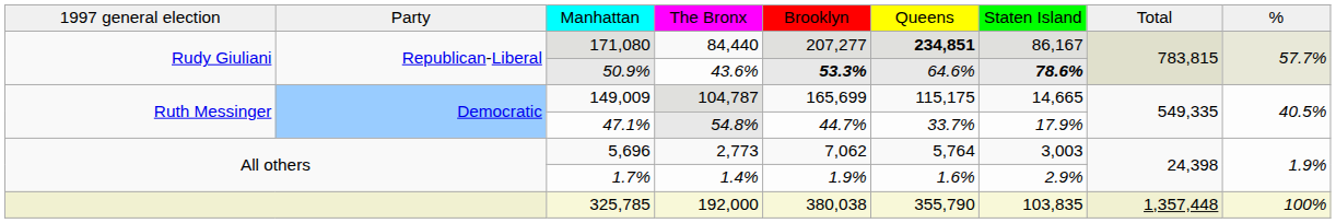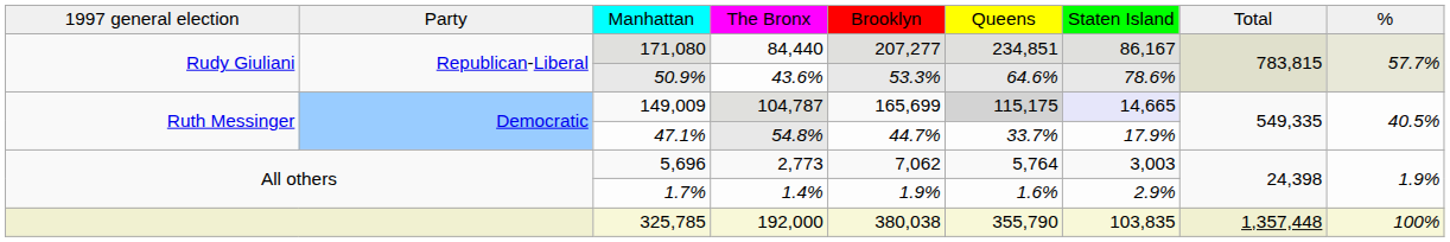 <table class="wikitable" style="width:100%; text-align:right;">
 <tr style="text-align:center;">
 <td style="width:20%; background:#f0f0f0;">1997 general election</td>
 <td style="width:20%; background:#f0f0f0;">Party</td>
 <td style="width:8%; background:aqua;">Manhattan</td>
 <td style="width:8%; background:magenta;">The Bronx</td>
 <td style="width:8%; background:red;">Brooklyn</td>
 <td style="width:8%; background:yellow;">Queens</td>
 <td style="width:8%; background:lime;">Staten Island</td>
 <td style="width:10%; background:#f0f0f0;">Total</td>
 <td style="width:8%; background:#f0f0f0;">%</td>
 </tr>
 <tr>
 <td rowspan="2"><a href='#'>Rudy Giuliani</a></td>
 <td rowspan="2"><a href='#'>Republican</a>-<a href='#'>Liberal</a></td>
 <td style="background:#e0e0dd;">171,080</td>
 <td>84,440</td>
 <td style="background:#e0e0dd;">207,277</td>
-<td style="background:#e0e0dd;"><strong>234,851</strong></td>
+<td style="background:#e0e0dd;">234,851</td>
 <td style="background:#e0e0dd;">86,167</td>
 <td rowspan="2" style="background:#e0e0cc;">783,815</td>
 <td rowspan="2" style="background:#e8e8d8;"><em>57.7%</em></td>
 </tr>
 <tr style="background:#e8e8e8;">
 <td><em>50.9%</em></td>
 <td style="background:#fdfdfd;"><em>43.6%</em></td>
-<td><strong><em>53.3%</em></strong></td>
+<td><em>53.3%</em></td>
 <td><em>64.6%</em></td>
-<td><strong><em>78.6%</em></strong></td>
+<td><em>78.6%</em></td>
 </tr>
 <tr>
 <td rowspan="2"><a href='#'>Ruth Messinger</a></td>
 <td style="background:#9cf;" rowspan="2"><a href='#'>Democratic</a></td>
 <td>149,009</td>
 <td style="background:#e0e0dd;">104,787</td>
 <td>165,699</td>
-<td>115,175</td>
-<td>14,665</td>
+<td style="background: lightgrey;">115,175</td>
+<td style="background: lavender;">14,665</td>
 <td rowspan="2">549,335</td>
 <td rowspan="2" style="background:#fdfdfd;"><em>40.5%</em></td>
 </tr>
 <tr style="background:#fdfdfd;">
 <td><em>47.1%</em></td>
 <td style="background:#e8e8e8;"><em>54.8%</em></td>
 <td><em>44.7%</em></td>
 <td><em>33.7%</em></td>
 <td><em>17.9%</em></td>
 </tr>
 <tr>
 <td rowspan="2" colspan="2" style="text-align:center;">All others</td>
 <td>5,696</td>
 <td>2,773</td>
 <td>7,062</td>
 <td>5,764</td>
 <td>3,003</td>
 <td rowspan="2">24,398</td>
 <td rowspan="2" style="background:#fdfdfd;"><em>1.9%</em></td>
 </tr>
 <tr style="background:#fdfdfd;">
 <td><em>1.7%</em></td>
 <td><em>1.4%</em></td>
 <td><em>1.9%</em></td>
 <td><em>1.6%</em></td>
 <td><em>2.9%</em></td>
 </tr>
 <tr style="background:#f8f8d8;">
 <td colspan="2" style="background:#f1f1d1;"></td>
 <td>325,785</td>
 <td>192,000</td>
 <td>380,038</td>
 <td>355,790</td>
 <td>103,835</td>
 <td style="background:#f1f1d1;"><u>1,357,448</u></td>
 <td bgcolor=f8f8d8><em>100%</em></td>
 </tr>
 </table>
